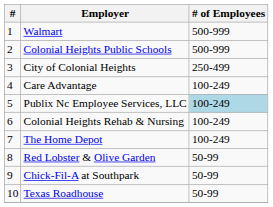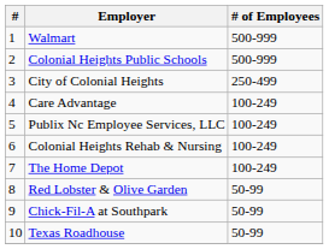 <table class="wikitable">
 <tr>
 <th>#</th>
 <th>Employer</th>
 <th># of Employees</th>
 </tr>
 <tr>
 <td>1</td>
 <td><a href='#'>Walmart</a></td>
 <td>500-999</td>
 </tr>
 <tr>
 <td>2</td>
 <td><a href='#'>Colonial Heights Public Schools</a></td>
 <td>500-999</td>
 </tr>
 <tr>
 <td>3</td>
 <td>City of Colonial Heights</td>
 <td>250-499</td>
 </tr>
 <tr>
 <td>4</td>
 <td>Care Advantage</td>
 <td>100-249</td>
 </tr>
 <tr>
 <td>5</td>
 <td>Publix Nc Employee Services, LLC</td>
-<td style="background: lightblue;">100-249</td>
+<td>100-249</td>
 </tr>
 <tr>
 <td>6</td>
 <td>Colonial Heights Rehab & Nursing</td>
 <td>100-249</td>
 </tr>
 <tr>
 <td>7</td>
 <td><a href='#'>The Home Depot</a></td>
 <td>100-249</td>
 </tr>
 <tr>
 <td>8</td>
 <td><a href='#'>Red Lobster</a> & <a href='#'>Olive Garden</a></td>
 <td>50-99</td>
 </tr>
 <tr>
 <td>9</td>
 <td><a href='#'>Chick-Fil-A</a> at Southpark</td>
 <td>50-99</td>
 </tr>
 <tr>
 <td>10</td>
 <td><a href='#'>Texas Roadhouse</a></td>
 <td>50-99</td>
 </tr>
 <tr>
 </tr>
 </table>
